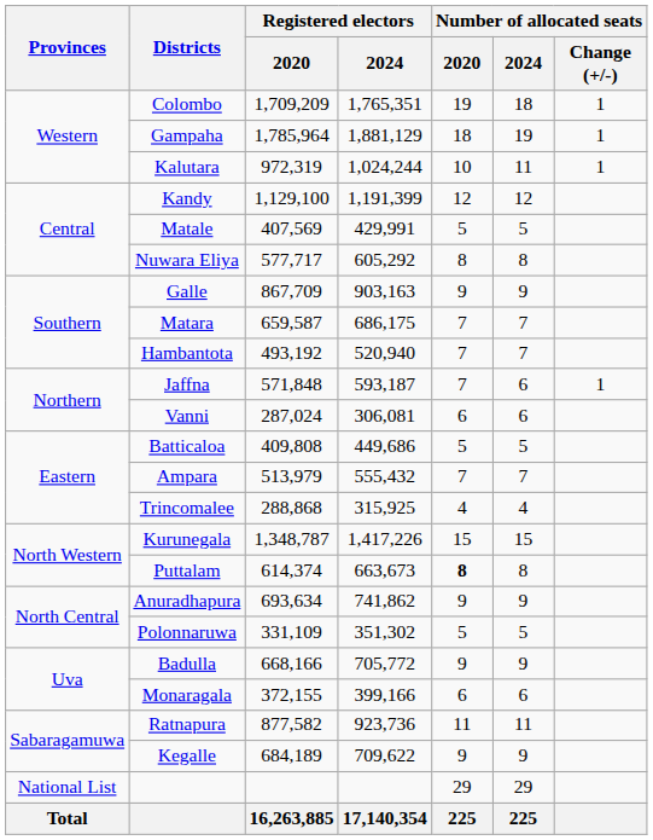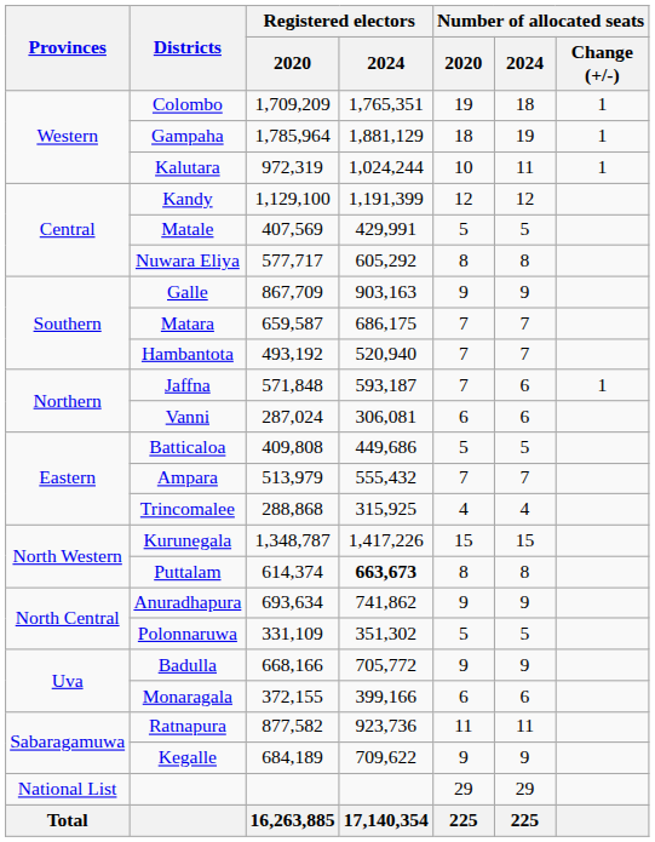 <table class="wikitable sortable" style="font-size:90%; text-align:center">
 <tr>
 <th rowspan="2"><a href='#'>Provinces</a></th>
 <th rowspan="2"><a href='#'>Districts</a></th>
 <th colspan="2">Registered electors</th>
 <th colspan="3">Number of allocated seats</th>
 </tr>
 <tr>
 <th>2020</th>
 <th>2024</th>
 <th>2020</th>
 <th>2024</th>
 <th>Change <br> (+/-)</th>
 </tr>
 <tr>
 <td rowspan="3"><a href='#'>Western</a></td>
 <td><a href='#'>Colombo</a></td>
 <td>1,709,209</td>
 <td>1,765,351</td>
 <td>19</td>
 <td>18</td>
 <td>1</td>
 </tr>
 <tr>
 <td><a href='#'>Gampaha</a></td>
 <td>1,785,964</td>
 <td>1,881,129</td>
 <td>18</td>
 <td>19</td>
 <td>1</td>
 </tr>
 <tr>
 <td><a href='#'>Kalutara</a></td>
 <td>972,319</td>
 <td>1,024,244</td>
 <td>10</td>
 <td>11</td>
 <td>1</td>
 </tr>
 <tr>
 <td rowspan="3"><a href='#'>Central</a></td>
 <td><a href='#'>Kandy</a></td>
 <td>1,129,100</td>
 <td>1,191,399</td>
 <td>12</td>
 <td>12</td>
 <td></td>
 </tr>
 <tr>
 <td><a href='#'>Matale</a></td>
 <td>407,569</td>
 <td>429,991</td>
 <td>5</td>
 <td>5</td>
 <td></td>
 </tr>
 <tr>
 <td><a href='#'>Nuwara Eliya</a></td>
 <td>577,717</td>
 <td>605,292</td>
 <td>8</td>
 <td>8</td>
 <td></td>
 </tr>
 <tr>
 <td rowspan="3"><a href='#'>Southern</a></td>
 <td><a href='#'>Galle</a></td>
 <td>867,709</td>
 <td>903,163</td>
 <td>9</td>
 <td>9</td>
 <td></td>
 </tr>
 <tr>
 <td><a href='#'>Matara</a></td>
 <td>659,587</td>
 <td>686,175</td>
 <td>7</td>
 <td>7</td>
 <td></td>
 </tr>
 <tr>
 <td><a href='#'>Hambantota</a></td>
 <td>493,192</td>
 <td>520,940</td>
 <td>7</td>
 <td>7</td>
 <td></td>
 </tr>
 <tr>
 <td rowspan="2"><a href='#'>Northern</a></td>
 <td><a href='#'>Jaffna</a></td>
 <td>571,848</td>
 <td>593,187</td>
 <td>7</td>
 <td>6</td>
 <td>1</td>
 </tr>
 <tr>
 <td><a href='#'>Vanni</a></td>
 <td>287,024</td>
 <td>306,081</td>
 <td>6</td>
 <td>6</td>
 <td></td>
 </tr>
 <tr>
 <td rowspan="3"><a href='#'>Eastern</a></td>
 <td><a href='#'>Batticaloa</a></td>
 <td>409,808</td>
 <td>449,686</td>
 <td>5</td>
 <td>5</td>
 <td></td>
 </tr>
 <tr>
 <td><a href='#'>Ampara</a></td>
 <td>513,979</td>
 <td>555,432</td>
 <td>7</td>
 <td>7</td>
 <td></td>
 </tr>
 <tr>
 <td><a href='#'>Trincomalee</a></td>
 <td>288,868</td>
 <td>315,925</td>
 <td>4</td>
 <td>4</td>
 <td></td>
 </tr>
 <tr>
 <td rowspan="2"><a href='#'>North Western</a></td>
 <td><a href='#'>Kurunegala</a></td>
 <td>1,348,787</td>
 <td>1,417,226</td>
 <td>15</td>
 <td>15</td>
 <td></td>
 </tr>
 <tr>
 <td><a href='#'>Puttalam</a></td>
 <td>614,374</td>
-<td>663,673</td>
-<td><strong>8</strong></td>
+<td><strong>663,673</strong></td>
+<td>8</td>
 <td>8</td>
 <td></td>
 </tr>
 <tr>
 <td rowspan="2"><a href='#'>North Central</a></td>
 <td><a href='#'>Anuradhapura</a></td>
 <td>693,634</td>
 <td>741,862</td>
 <td>9</td>
 <td>9</td>
 <td></td>
 </tr>
 <tr>
 <td><a href='#'>Polonnaruwa</a></td>
 <td>331,109</td>
 <td>351,302</td>
 <td>5</td>
 <td>5</td>
 <td></td>
 </tr>
 <tr>
 <td rowspan="2"><a href='#'>Uva</a></td>
 <td><a href='#'>Badulla</a></td>
 <td>668,166</td>
 <td>705,772</td>
 <td>9</td>
 <td>9</td>
 <td></td>
 </tr>
 <tr>
 <td><a href='#'>Monaragala</a></td>
 <td>372,155</td>
 <td>399,166</td>
 <td>6</td>
 <td>6</td>
 <td></td>
 </tr>
 <tr>
 <td rowspan="2"><a href='#'>Sabaragamuwa</a></td>
 <td><a href='#'>Ratnapura</a></td>
 <td>877,582</td>
 <td>923,736</td>
 <td>11</td>
 <td>11</td>
 <td></td>
 </tr>
 <tr>
 <td><a href='#'>Kegalle</a></td>
 <td>684,189</td>
 <td>709,622</td>
 <td>9</td>
 <td>9</td>
 <td></td>
 </tr>
 <tr class=sortbottom>
 <td><a href='#'>National List</a></td>
 <td></td>
 <td></td>
 <td></td>
 <td>29</td>
 <td>29</td>
 <td></td>
 </tr>
 <tr>
 <th>Total</th>
 <th></th>
 <th>16,263,885</th>
 <th>17,140,354</th>
 <th>225</th>
 <th>225</th>
 <th></th>
 </tr>
 </table>
